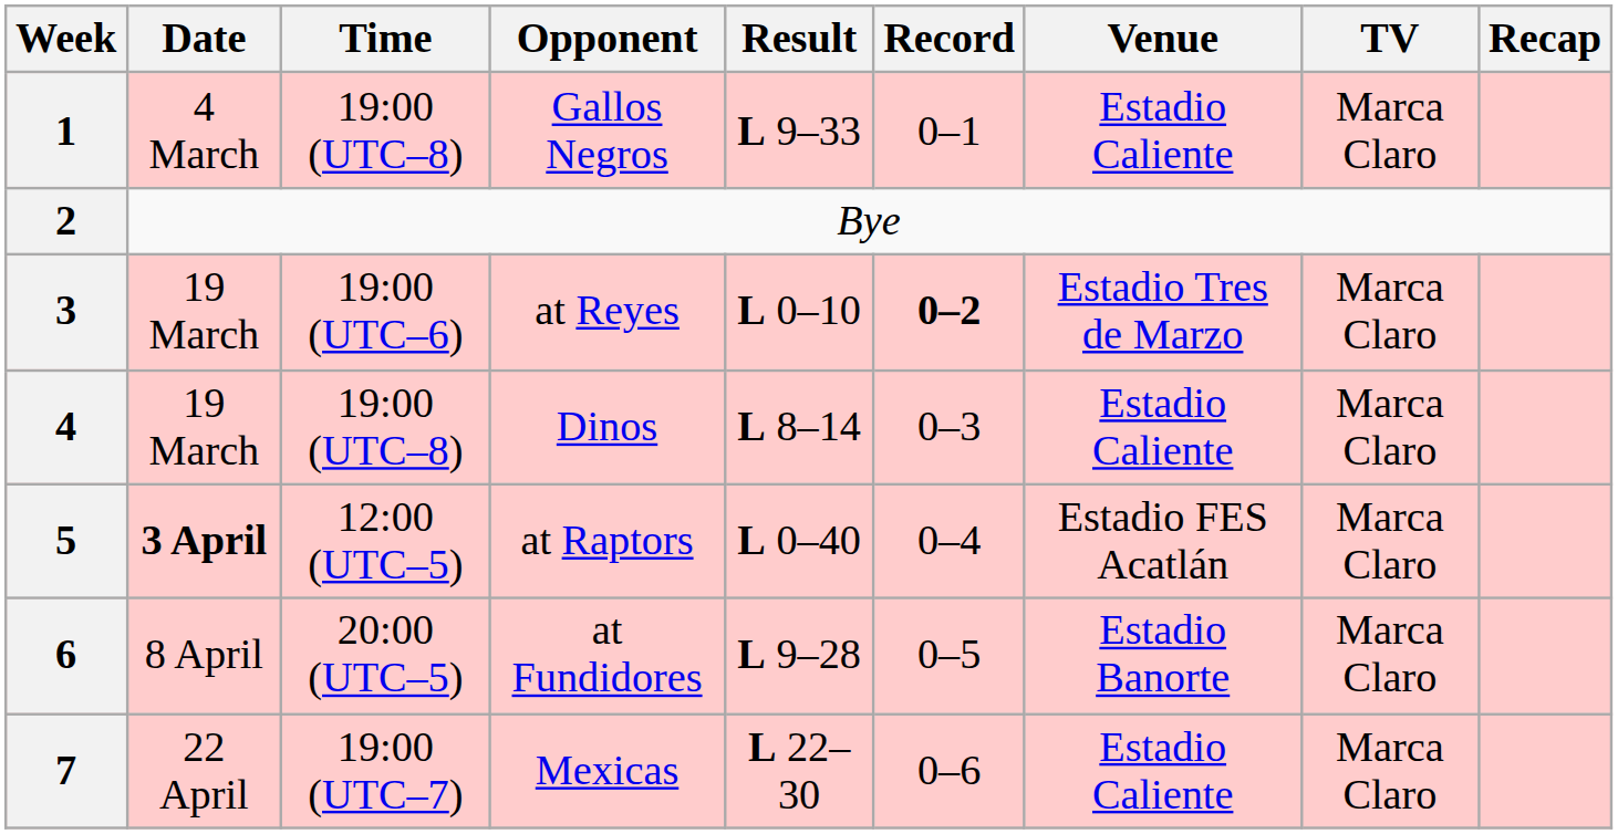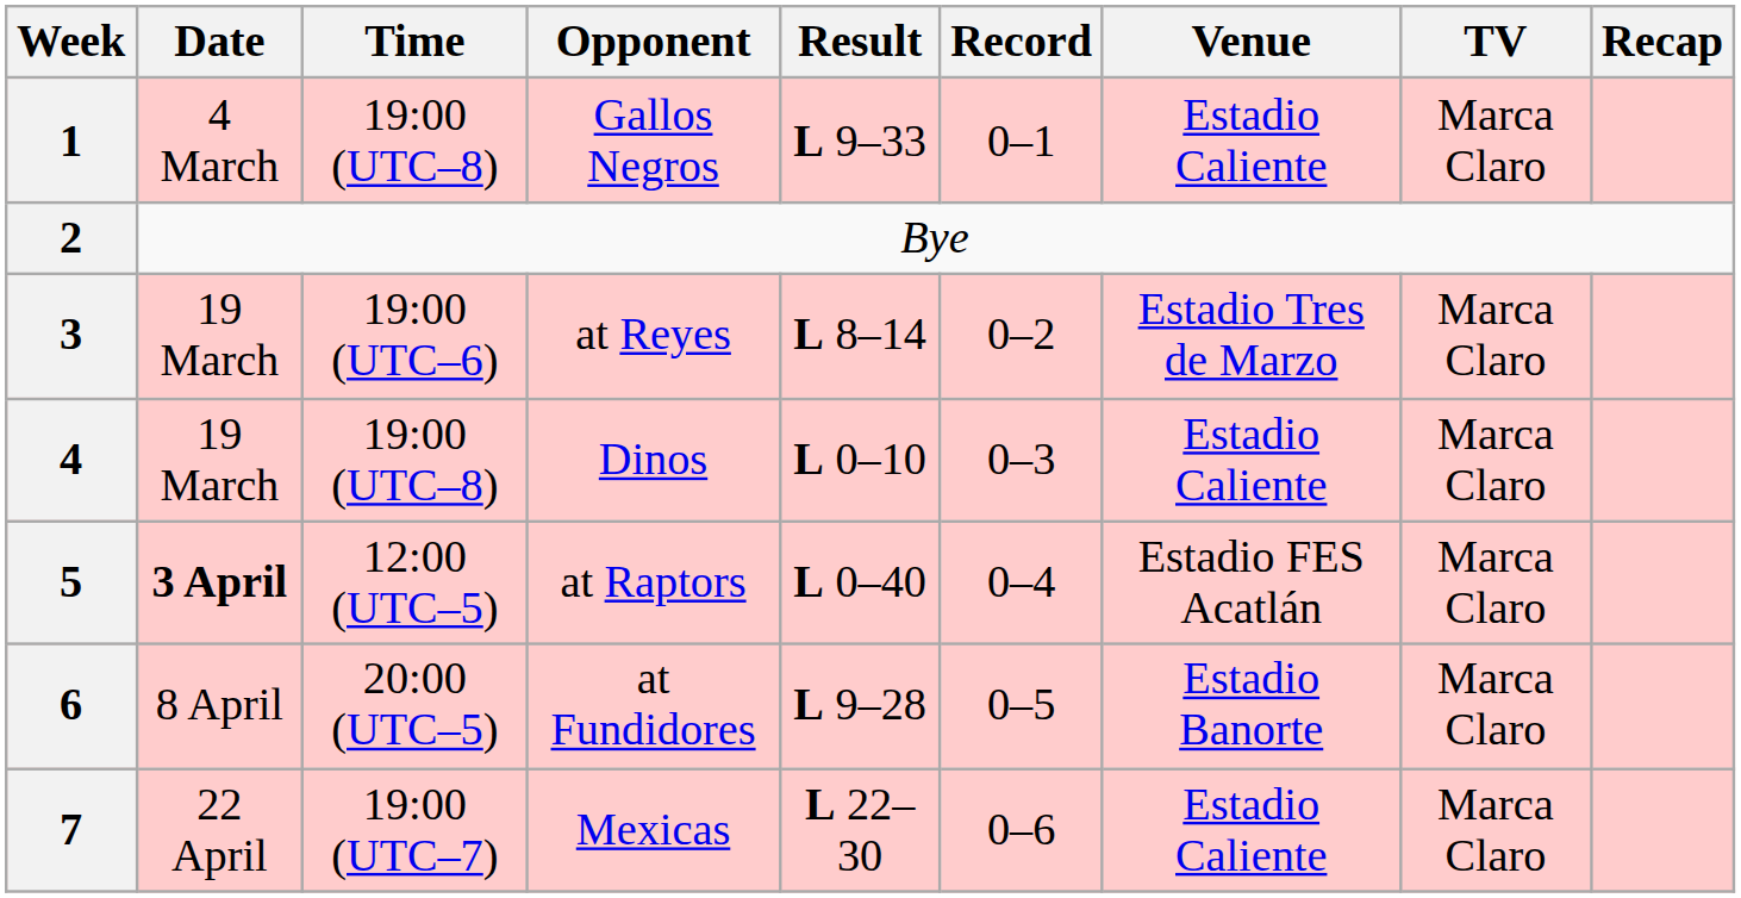 <table class="wikitable" style="text-align:center">
 <tr>
 <th>Week</th>
 <th>Date</th>
 <th>Time</th>
 <th>Opponent</th>
 <th>Result</th>
 <th>Record</th>
 <th>Venue</th>
 <th>TV</th>
 <th>Recap</th>
 </tr>
 <tr style="background:#fcc">
 <th>1</th>
 <td>4 March</td>
 <td>19:00 (<a href='#'>UTC–8</a>)</td>
 <td><a href='#'>Gallos Negros</a></td>
 <td><strong>L</strong> 9–33</td>
 <td>0–1</td>
 <td><a href='#'>Estadio Caliente</a></td>
 <td>Marca Claro</td>
 <td></td>
 </tr>
 <tr>
 <th>2</th>
 <td colspan=8><em>Bye</em></td>
 </tr>
 <tr style="background:#fcc">
 <th>3</th>
 <td>19 March</td>
 <td>19:00 (<a href='#'>UTC–6</a>)</td>
 <td>at <a href='#'>Reyes</a></td>
-<td><strong>L</strong> 0–10</td>
-<td><strong>0–2</strong></td>
+<td><strong>L</strong> 8–14</td>
+<td>0–2</td>
 <td><a href='#'>Estadio Tres de Marzo</a></td>
 <td>Marca Claro</td>
 <td></td>
 </tr>
 <tr style="background:#fcc">
 <th>4</th>
 <td>19 March</td>
 <td>19:00 (<a href='#'>UTC–8</a>)</td>
 <td><a href='#'>Dinos</a></td>
-<td><strong>L</strong> 8–14</td>
+<td><strong>L</strong> 0–10</td>
 <td>0–3</td>
 <td><a href='#'>Estadio Caliente</a></td>
 <td>Marca Claro</td>
 <td></td>
 </tr>
 <tr style="background:#fcc">
 <th>5</th>
 <td><strong>3 April</strong></td>
 <td>12:00 (<a href='#'>UTC–5</a>)</td>
 <td>at <a href='#'>Raptors</a></td>
 <td><strong>L</strong> 0–40</td>
 <td>0–4</td>
 <td>Estadio FES Acatlán</td>
 <td>Marca Claro</td>
 <td></td>
 </tr>
 <tr style="background:#fcc">
 <th>6</th>
 <td>8 April</td>
 <td>20:00 (<a href='#'>UTC–5</a>)</td>
 <td>at <a href='#'>Fundidores</a></td>
 <td><strong>L</strong> 9–28</td>
 <td>0–5</td>
 <td><a href='#'>Estadio Banorte</a></td>
 <td>Marca Claro</td>
 <td></td>
 </tr>
 <tr style="background:#fcc">
 <th>7</th>
 <td>22 April</td>
 <td>19:00 (<a href='#'>UTC–7</a>)</td>
 <td><a href='#'>Mexicas</a></td>
 <td><strong>L</strong> 22–30</td>
 <td>0–6</td>
 <td><a href='#'>Estadio Caliente</a></td>
 <td>Marca Claro</td>
 <td></td>
 </tr>
 </table>
